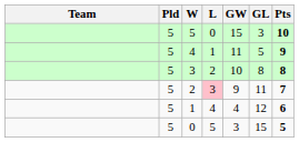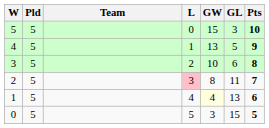 <table class="wikitable" style="text-align:center">
 <tr>
+<th width=20>W</th>
+<th width=20>Pld</th>
 <th width=200>Team</th>
-<th width=20>Pld</th>
-<th width=20>W</th>
 <th width=20>L</th>
 <th width=20>GW</th>
 <th width=20>GL</th>
 <th width=20>Pts</th>
 </tr>
 <tr bgcolor=ccffcc>
-<td style="text-align:left;"></td>
 <td>5</td>
 <td>5</td>
+<td style="text-align:left;"></td>
 <td>0</td>
 <td>15</td>
 <td>3</td>
 <td><strong>10</strong></td>
 </tr>
 <tr bgcolor=ccffcc>
+<td>4</td>
+<td>5</td>
 <td style="text-align:left;"></td>
-<td>5</td>
-<td>4</td>
 <td>1</td>
-<td>11</td>
+<td>13</td>
 <td>5</td>
 <td><strong>9</strong></td>
 </tr>
 <tr bgcolor=ccffcc>
+<td>3</td>
+<td>5</td>
 <td style="text-align:left;"></td>
-<td>5</td>
-<td>3</td>
 <td>2</td>
 <td>10</td>
-<td>8</td>
+<td>6</td>
 <td><strong>8</strong></td>
 </tr>
 <tr>
+<td>2</td>
+<td>5</td>
 <td style="text-align:left;"></td>
-<td>5</td>
-<td>2</td>
 <td style="background: pink;">3</td>
-<td>9</td>
+<td>8</td>
 <td>11</td>
 <td><strong>7</strong></td>
 </tr>
 <tr>
+<td>1</td>
+<td>5</td>
 <td style="text-align:left;"></td>
-<td>5</td>
-<td>1</td>
 <td>4</td>
-<td>4</td>
-<td>12</td>
+<td style="background: lightyellow;">4</td>
+<td>13</td>
 <td><strong>6</strong></td>
 </tr>
 <tr>
+<td>0</td>
+<td>5</td>
 <td style="text-align:left;"></td>
-<td>5</td>
-<td>0</td>
 <td>5</td>
 <td>3</td>
 <td>15</td>
 <td><strong>5</strong></td>
 </tr>
 </table>
